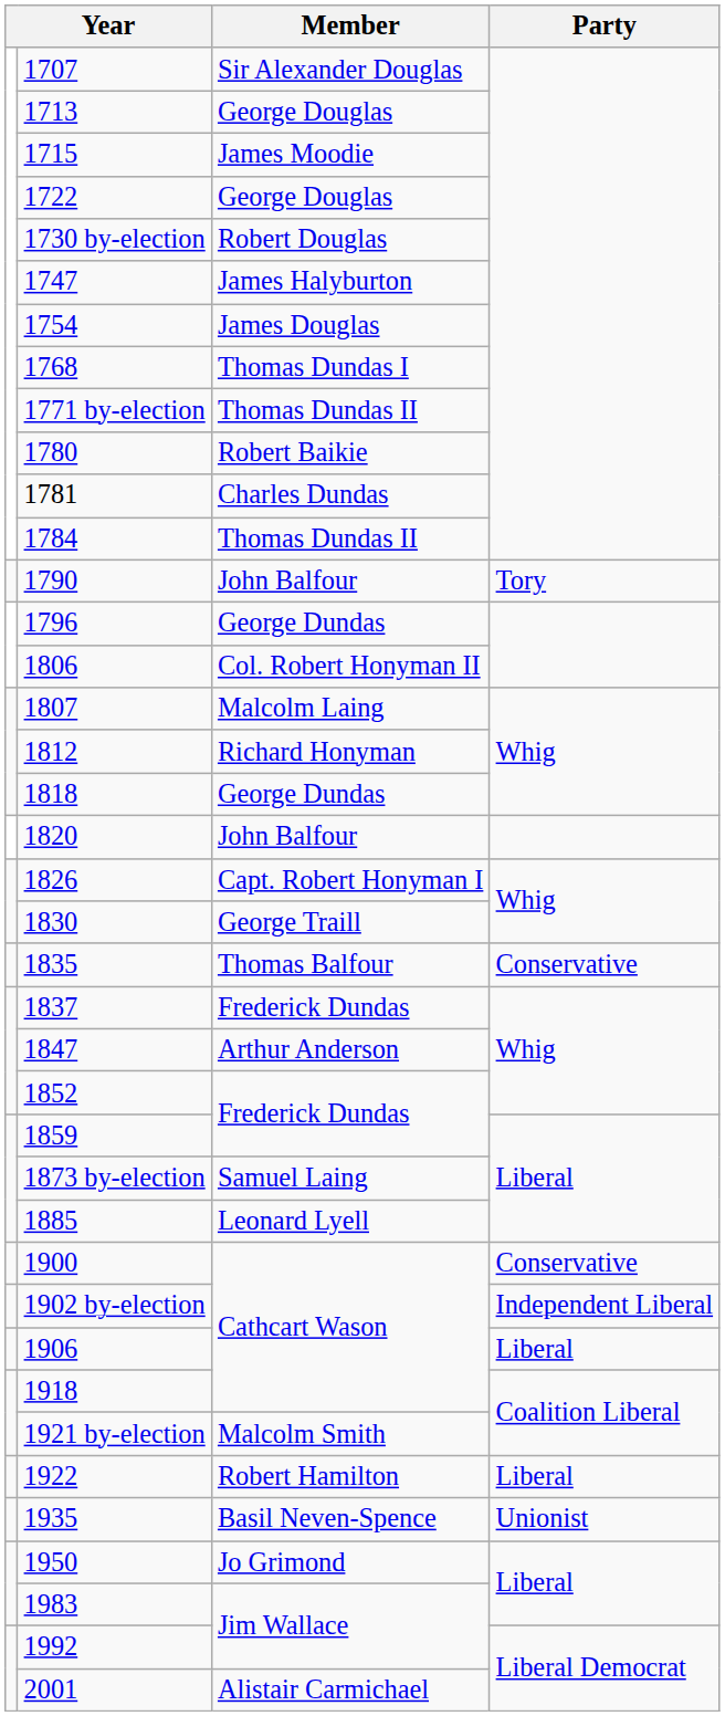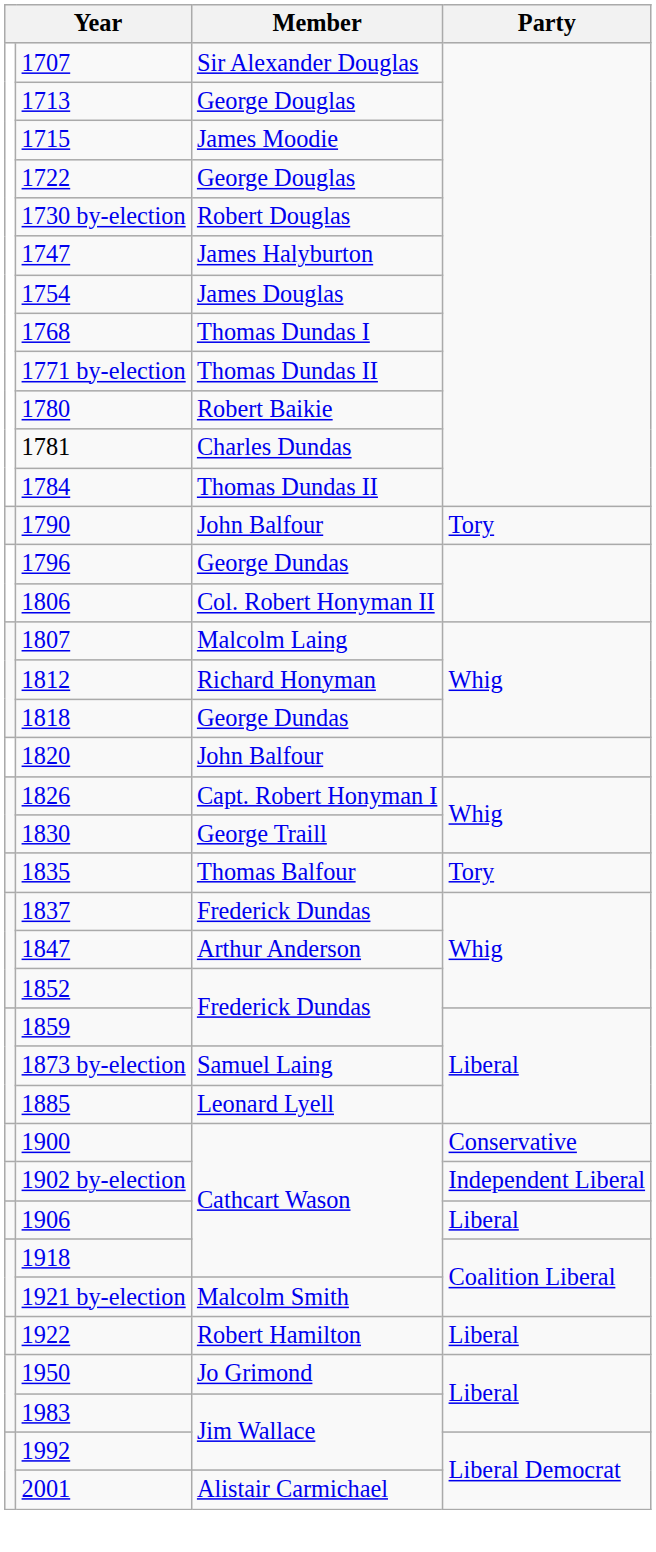 <table class="wikitable">
 <tr>
 <th colspan=2>Year</th>
 <th>Member</th>
 <th>Party</th>
 </tr>
 <tr>
 <td rowspan="12" style="color:inherit;background-color: white"></td>
 <td><a href='#'>1707</a></td>
 <td><a href='#'>Sir Alexander Douglas</a></td>
 <td rowspan="12"></td>
 </tr>
 <tr>
 <td><a href='#'>1713</a></td>
 <td><a href='#'>George Douglas</a></td>
 </tr>
 <tr>
 <td><a href='#'>1715</a></td>
 <td><a href='#'>James Moodie</a></td>
 </tr>
 <tr>
 <td><a href='#'>1722</a></td>
 <td><a href='#'>George Douglas</a></td>
 </tr>
 <tr>
 <td><a href='#'>1730 by-election</a></td>
 <td><a href='#'>Robert Douglas</a></td>
 </tr>
 <tr>
 <td><a href='#'>1747</a></td>
 <td><a href='#'>James Halyburton</a></td>
 </tr>
 <tr>
 <td><a href='#'>1754</a></td>
 <td><a href='#'>James Douglas</a></td>
 </tr>
 <tr>
 <td><a href='#'>1768</a></td>
 <td><a href='#'>Thomas Dundas I</a></td>
 </tr>
 <tr>
 <td><a href='#'>1771 by-election</a></td>
 <td><a href='#'>Thomas Dundas II</a></td>
 </tr>
 <tr>
 <td><a href='#'>1780</a></td>
 <td><a href='#'>Robert Baikie</a></td>
 </tr>
 <tr>
 <td>1781</td>
 <td><a href='#'>Charles Dundas</a></td>
 </tr>
 <tr>
 <td><a href='#'>1784</a></td>
 <td><a href='#'>Thomas Dundas II</a></td>
 </tr>
 <tr>
 <td style="color:inherit;background-color: "></td>
 <td><a href='#'>1790</a></td>
 <td><a href='#'>John Balfour</a></td>
 <td><a href='#'>Tory</a></td>
 </tr>
 <tr>
 <td rowspan="2" style="color:inherit;background-color: white"></td>
 <td><a href='#'>1796</a></td>
 <td><a href='#'>George Dundas</a></td>
 <td rowspan="2"></td>
 </tr>
 <tr>
 <td><a href='#'>1806</a></td>
 <td><a href='#'>Col. Robert Honyman II</a></td>
 </tr>
 <tr>
 <td rowspan="3" style="color:inherit;background-color: "></td>
 <td><a href='#'>1807</a></td>
 <td><a href='#'>Malcolm Laing</a></td>
 <td rowspan="3"><a href='#'>Whig</a></td>
 </tr>
 <tr>
 <td><a href='#'>1812</a></td>
 <td><a href='#'>Richard Honyman</a></td>
 </tr>
 <tr>
 <td><a href='#'>1818</a></td>
 <td><a href='#'>George Dundas</a></td>
 </tr>
 <tr>
 <td style="color:inherit;background-color: white"></td>
 <td><a href='#'>1820</a></td>
 <td><a href='#'>John Balfour</a></td>
 <td></td>
 </tr>
 <tr>
 <td rowspan="2" style="color:inherit;background-color: "></td>
 <td><a href='#'>1826</a></td>
 <td><a href='#'>Capt. Robert Honyman I</a></td>
 <td rowspan="2"><a href='#'>Whig</a></td>
 </tr>
 <tr>
 <td><a href='#'>1830</a></td>
 <td><a href='#'>George Traill</a></td>
 </tr>
 <tr>
 <td style="color:inherit;background-color: "></td>
 <td><a href='#'>1835</a></td>
 <td><a href='#'>Thomas Balfour</a></td>
-<td><a href='#'>Conservative</a></td>
+<td><a href='#'>Tory</a></td>
 </tr>
 <tr>
 <td rowspan="3" style="color:inherit;background-color: "></td>
 <td><a href='#'>1837</a></td>
 <td><a href='#'>Frederick Dundas</a></td>
 <td rowspan="3"><a href='#'>Whig</a></td>
 </tr>
 <tr>
 <td><a href='#'>1847</a></td>
 <td><a href='#'>Arthur Anderson</a></td>
 </tr>
 <tr>
 <td><a href='#'>1852</a></td>
 <td rowspan="2"><a href='#'>Frederick Dundas</a></td>
 </tr>
 <tr>
 <td rowspan="3" style="color:inherit;background-color: "></td>
 <td><a href='#'>1859</a></td>
 <td rowspan="3"><a href='#'>Liberal</a></td>
 </tr>
 <tr>
 <td><a href='#'>1873 by-election</a></td>
 <td><a href='#'>Samuel Laing</a></td>
 </tr>
 <tr>
 <td><a href='#'>1885</a></td>
 <td><a href='#'>Leonard Lyell</a></td>
 </tr>
 <tr>
 <td style="color:inherit;background-color: "></td>
 <td><a href='#'>1900</a></td>
 <td rowspan="4"><a href='#'>Cathcart Wason</a></td>
 <td><a href='#'>Conservative</a></td>
 </tr>
 <tr>
 <td style="color:inherit;background-color: "></td>
 <td><a href='#'>1902 by-election</a></td>
 <td><a href='#'>Independent Liberal</a></td>
 </tr>
 <tr>
 <td style="color:inherit;background-color: "></td>
 <td><a href='#'>1906</a></td>
 <td><a href='#'>Liberal</a></td>
 </tr>
 <tr>
 <td rowspan="2" style="color:inherit;background-color: "></td>
 <td><a href='#'>1918</a></td>
 <td rowspan="2"><a href='#'>Coalition Liberal</a></td>
 </tr>
 <tr>
 <td><a href='#'>1921 by-election</a></td>
 <td><a href='#'>Malcolm Smith</a></td>
 </tr>
 <tr>
 <td style="color:inherit;background-color: "></td>
 <td><a href='#'>1922</a></td>
 <td><a href='#'>Robert Hamilton</a></td>
 <td><a href='#'>Liberal</a></td>
 </tr>
 <tr>
-<td style="color:inherit;background-color: "></td>
-<td><a href='#'>1935</a></td>
-<td><a href='#'>Basil Neven-Spence</a></td>
-<td><a href='#'>Unionist</a></td>
-</tr>
-<tr>
 <td rowspan="2" style="color:inherit;background-color: "></td>
 <td><a href='#'>1950</a></td>
 <td><a href='#'>Jo Grimond</a></td>
 <td rowspan="2"><a href='#'>Liberal</a></td>
 </tr>
 <tr>
 <td><a href='#'>1983</a></td>
 <td rowspan="2"><a href='#'>Jim Wallace</a></td>
 </tr>
 <tr>
 <td rowspan="2" style="color:inherit;background-color: "></td>
 <td><a href='#'>1992</a></td>
 <td rowspan="2"><a href='#'>Liberal Democrat</a></td>
 </tr>
 <tr>
 <td><a href='#'>2001</a></td>
 <td><a href='#'>Alistair Carmichael</a></td>
 </tr>
 </table>
